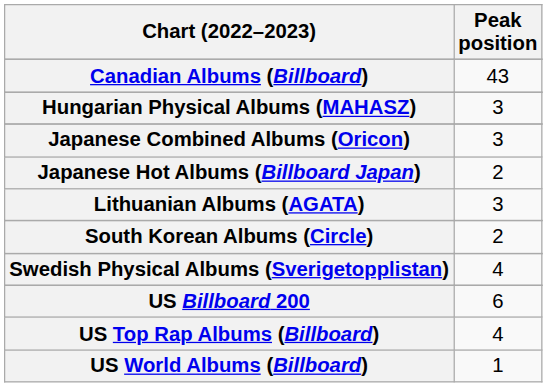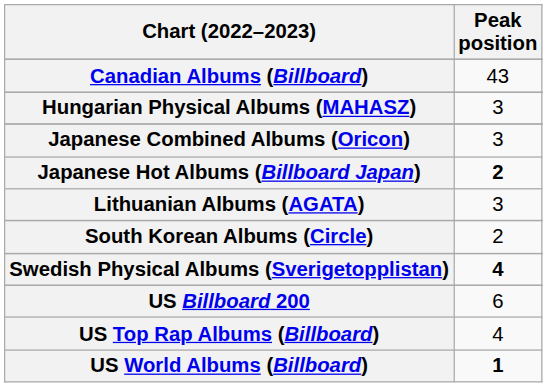 <table class="wikitable sortable plainrowheaders" style="text-align:center">
 <tr>
 <th scope="col">Chart (2022–2023)</th>
 <th scope="col">Peak<br>position</th>
 </tr>
 <tr>
 </tr>
 <tr>
 </tr>
 <tr>
 </tr>
 <tr>
 </tr>
 <tr>
 <th scope="row"><a href='#'>Canadian Albums</a> (<em><a href='#'>Billboard</a></em>)</th>
 <td>43</td>
 </tr>
 <tr>
 </tr>
 <tr>
 </tr>
 <tr>
 </tr>
 <tr>
 <th scope="row">Hungarian Physical Albums (<a href='#'>MAHASZ</a>)</th>
 <td>3</td>
 </tr>
 <tr>
 </tr>
 <tr>
 </tr>
 <tr>
 <th scope="row">Japanese Combined Albums (<a href='#'>Oricon</a>)</th>
 <td>3</td>
 </tr>
 <tr>
 <th scope="row">Japanese Hot Albums (<em><a href='#'>Billboard Japan</a></em>)</th>
-<td>2</td>
+<td><strong>2</strong></td>
 </tr>
 <tr>
 <th scope="row">Lithuanian Albums (<a href='#'>AGATA</a>)</th>
 <td>3</td>
 </tr>
 <tr>
 </tr>
 <tr>
 </tr>
 <tr>
 </tr>
 <tr>
 <th scope="row">South Korean Albums (<a href='#'>Circle</a>)</th>
 <td>2</td>
 </tr>
 <tr>
 </tr>
 <tr>
 <th scope="row">Swedish Physical Albums (<a href='#'>Sverigetopplistan</a>)</th>
-<td>4</td>
+<td><strong>4</strong></td>
 </tr>
 <tr>
 </tr>
 <tr>
 </tr>
 <tr>
 </tr>
 <tr>
 <th scope="row">US <a href='#'><em>Billboard</em> 200</a></th>
 <td>6</td>
 </tr>
 <tr>
 <th scope="row">US <a href='#'>Top Rap Albums</a> (<em><a href='#'>Billboard</a></em>)</th>
 <td>4</td>
 </tr>
 <tr>
 <th scope="row">US <a href='#'>World Albums</a> (<em><a href='#'>Billboard</a></em>)</th>
-<td>1</td>
+<td><strong>1</strong></td>
 </tr>
 </table>
